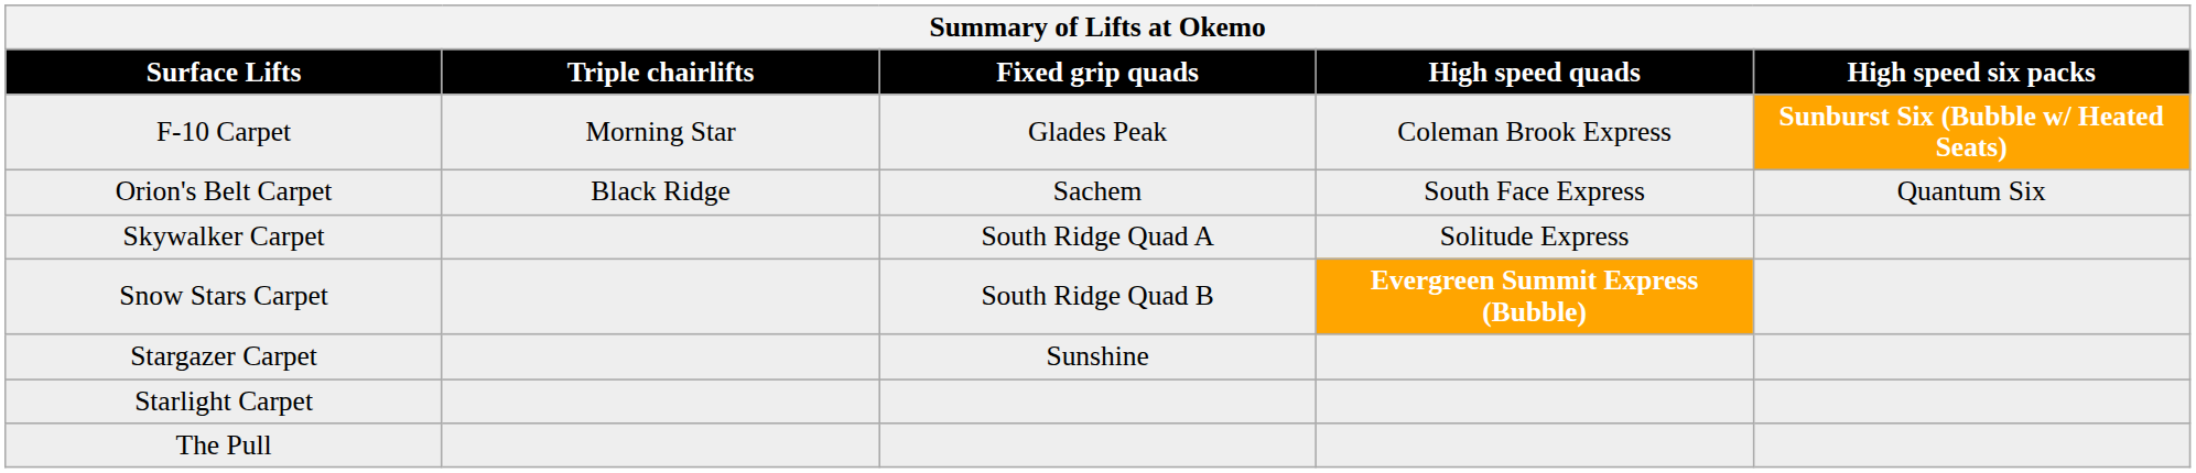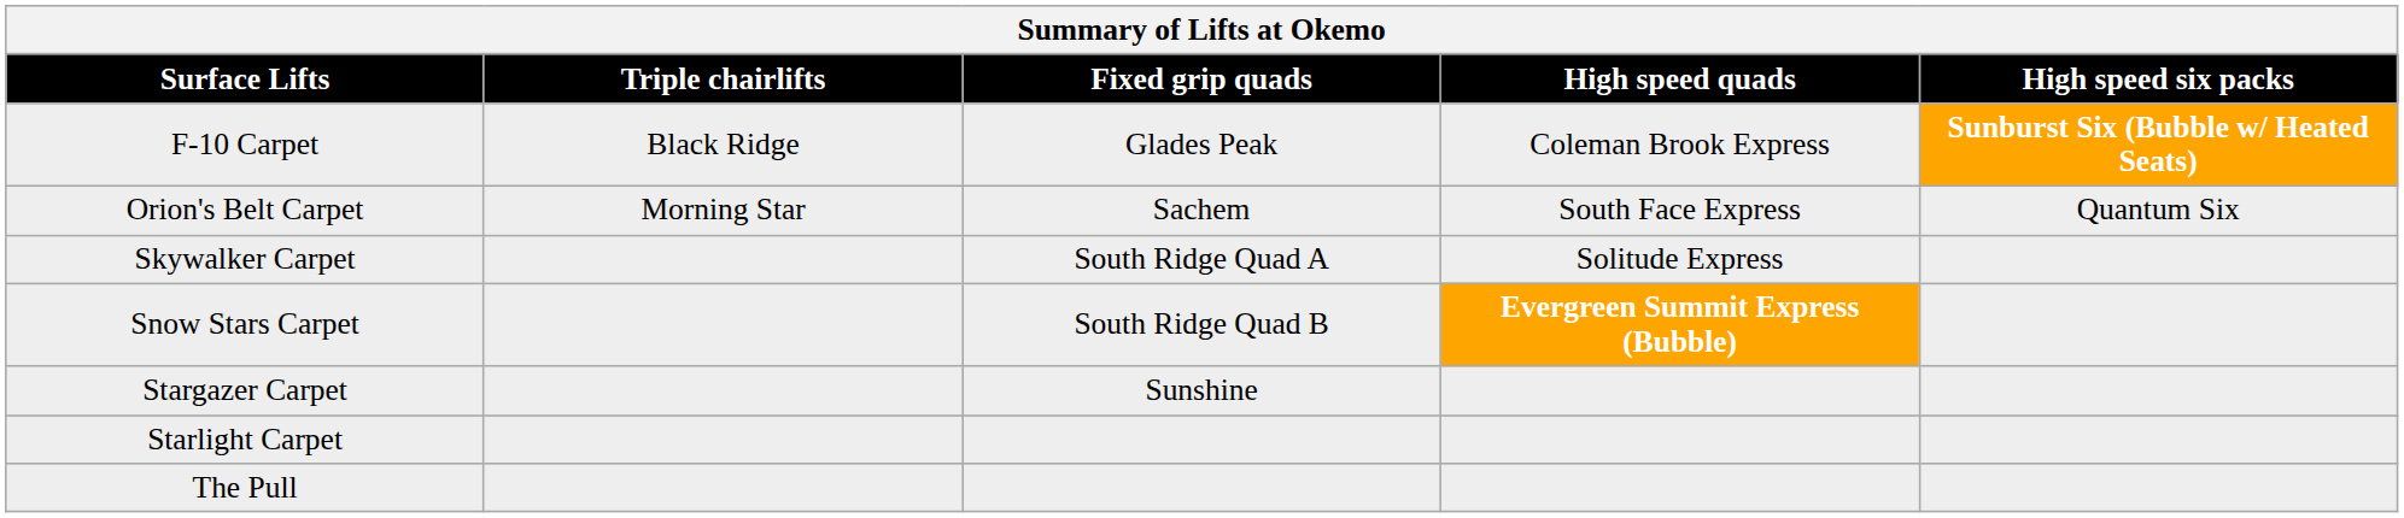 <table class="wikitable" style="text-align:center">
 <tr>
 <th colspan=6>Summary of Lifts at Okemo</th>
 </tr>
 <tr>
 <th width=20% style="background:black; color:white;">Surface Lifts</th>
 <th width=20% style="background:black; color:white;">Triple chairlifts</th>
 <th width=20% style="background:black; color:white;">Fixed grip quads</th>
 <th width=20% style="background:black; color:white;">High speed quads</th>
 <th width=20% style="background:black; color:white;">High speed six packs</th>
 </tr>
 <tr bgcolor="#eeeeee">
 <td>F-10 Carpet</td>
-<td>Morning Star</td>
+<td>Black Ridge</td>
 <td>Glades Peak</td>
 <td>Coleman Brook Express</td>
 <th width=20% style="background:orange; color:white;">Sunburst Six (Bubble w/ Heated Seats)</th>
 </tr>
 <tr bgcolor="#eeeeee">
 <td>Orion's Belt Carpet</td>
-<td>Black Ridge</td>
+<td>Morning Star</td>
 <td>Sachem</td>
 <td>South Face Express</td>
 <td>Quantum Six</td>
 </tr>
 <tr bgcolor="#eeeeee">
 <td>Skywalker Carpet</td>
 <td></td>
 <td>South Ridge Quad A</td>
 <td>Solitude Express</td>
 <td></td>
 </tr>
 <tr bgcolor="#eeeeee">
 <td>Snow Stars Carpet</td>
 <td></td>
 <td>South Ridge Quad B</td>
 <th width=20% style="background:orange; color:white;">Evergreen Summit Express (Bubble)</th>
 <td></td>
 </tr>
 <tr bgcolor="#eeeeee">
 <td>Stargazer Carpet</td>
 <td></td>
 <td>Sunshine</td>
 <td></td>
 <td></td>
 </tr>
 <tr bgcolor="#eeeeee">
 <td>Starlight Carpet</td>
 <td></td>
 <td></td>
 <td></td>
 <td></td>
 </tr>
 <tr bgcolor="#eeeeee">
 <td>The Pull</td>
 <td></td>
 <td></td>
 <td></td>
 <td></td>
 </tr>
 </table>
